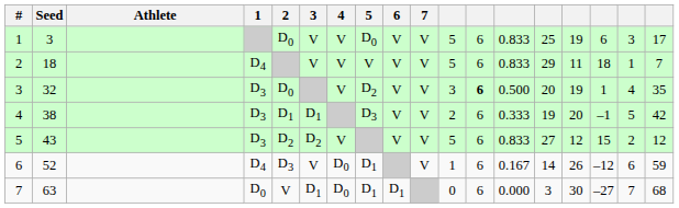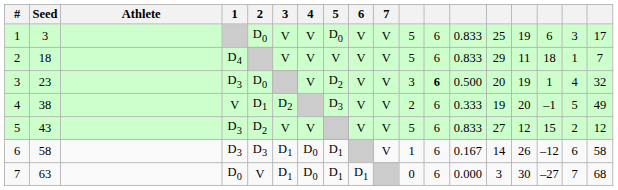 <table class="wikitable" style="text-align:center">
 <tr>
 <th width="25">#</th>
 <th width="25">Seed</th>
 <th width="200">Athlete</th>
 <th width="25">1</th>
 <th width="25">2</th>
 <th width="25">3</th>
 <th width="25">4</th>
 <th width="25">5</th>
 <th width="25">6</th>
 <th width="25">7</th>
 <th width="25"></th>
 <th width="25"></th>
 <th width="40"></th>
 <th width="25"></th>
 <th width="25"></th>
 <th width="25"></th>
 <th width="25"></th>
 <th width="25"></th>
 </tr>
 <tr bgcolor="#ccffcc">
 <td>1</td>
 <td>3</td>
 <td align=left></td>
 <td bgcolor="#cccccc"></td>
 <td>D<sub>0</sub></td>
 <td>V</td>
 <td>V</td>
 <td>D<sub>0</sub></td>
 <td>V</td>
 <td>V</td>
 <td>5</td>
 <td>6</td>
 <td>0.833</td>
 <td>25</td>
 <td>19</td>
 <td>6</td>
 <td>3</td>
 <td>17</td>
 </tr>
 <tr bgcolor="#ccffcc">
 <td>2</td>
 <td>18</td>
 <td align=left></td>
 <td>D<sub>4</sub></td>
 <td bgcolor="#cccccc"></td>
 <td>V</td>
 <td>V</td>
 <td>V</td>
 <td>V</td>
 <td>V</td>
 <td>5</td>
 <td>6</td>
 <td>0.833</td>
 <td>29</td>
 <td>11</td>
 <td>18</td>
 <td>1</td>
 <td>7</td>
 </tr>
 <tr bgcolor="#ccffcc">
 <td>3</td>
-<td>32</td>
+<td>23</td>
 <td align=left></td>
 <td>D<sub>3</sub></td>
 <td>D<sub>0</sub></td>
 <td bgcolor="#cccccc"></td>
 <td>V</td>
 <td>D<sub>2</sub></td>
 <td>V</td>
 <td>V</td>
 <td>3</td>
 <td><strong>6</strong></td>
 <td>0.500</td>
 <td>20</td>
 <td>19</td>
 <td>1</td>
 <td>4</td>
-<td>35</td>
+<td>32</td>
 </tr>
 <tr bgcolor="#ccffcc">
 <td>4</td>
 <td>38</td>
 <td align=left></td>
-<td>D<sub>3</sub></td>
+<td>V</td>
 <td>D<sub>1</sub></td>
-<td>D<sub>1</sub></td>
+<td>D<sub>2</sub></td>
 <td bgcolor="#cccccc"></td>
 <td>D<sub>3</sub></td>
 <td>V</td>
 <td>V</td>
 <td>2</td>
 <td>6</td>
 <td>0.333</td>
 <td>19</td>
 <td>20</td>
 <td>–1</td>
 <td>5</td>
-<td>42</td>
+<td>49</td>
 </tr>
 <tr bgcolor="#ccffcc">
 <td>5</td>
 <td>43</td>
 <td align=left></td>
 <td>D<sub>3</sub></td>
 <td>D<sub>2</sub></td>
-<td>D<sub>2</sub></td>
+<td>V</td>
 <td>V</td>
 <td bgcolor="#cccccc"></td>
 <td>V</td>
 <td>V</td>
 <td>5</td>
 <td>6</td>
 <td>0.833</td>
 <td>27</td>
 <td>12</td>
 <td>15</td>
 <td>2</td>
 <td>12</td>
 </tr>
 <tr>
 <td>6</td>
-<td>52</td>
+<td>58</td>
 <td align=left></td>
-<td>D<sub>4</sub></td>
 <td>D<sub>3</sub></td>
-<td>V</td>
+<td>D<sub>3</sub></td>
+<td>D<sub>1</sub></td>
 <td>D<sub>0</sub></td>
 <td>D<sub>1</sub></td>
 <td bgcolor="#cccccc"></td>
 <td>V</td>
 <td>1</td>
 <td>6</td>
 <td>0.167</td>
 <td>14</td>
 <td>26</td>
 <td>–12</td>
 <td>6</td>
-<td>59</td>
+<td>58</td>
 </tr>
 <tr>
 <td>7</td>
 <td>63</td>
 <td align=left></td>
 <td>D<sub>0</sub></td>
 <td>V</td>
 <td>D<sub>1</sub></td>
 <td>D<sub>0</sub></td>
 <td>D<sub>1</sub></td>
 <td>D<sub>1</sub></td>
 <td bgcolor="#cccccc"></td>
 <td>0</td>
 <td>6</td>
 <td>0.000</td>
 <td>3</td>
 <td>30</td>
 <td>–27</td>
 <td>7</td>
 <td>68</td>
 </tr>
 </table>
